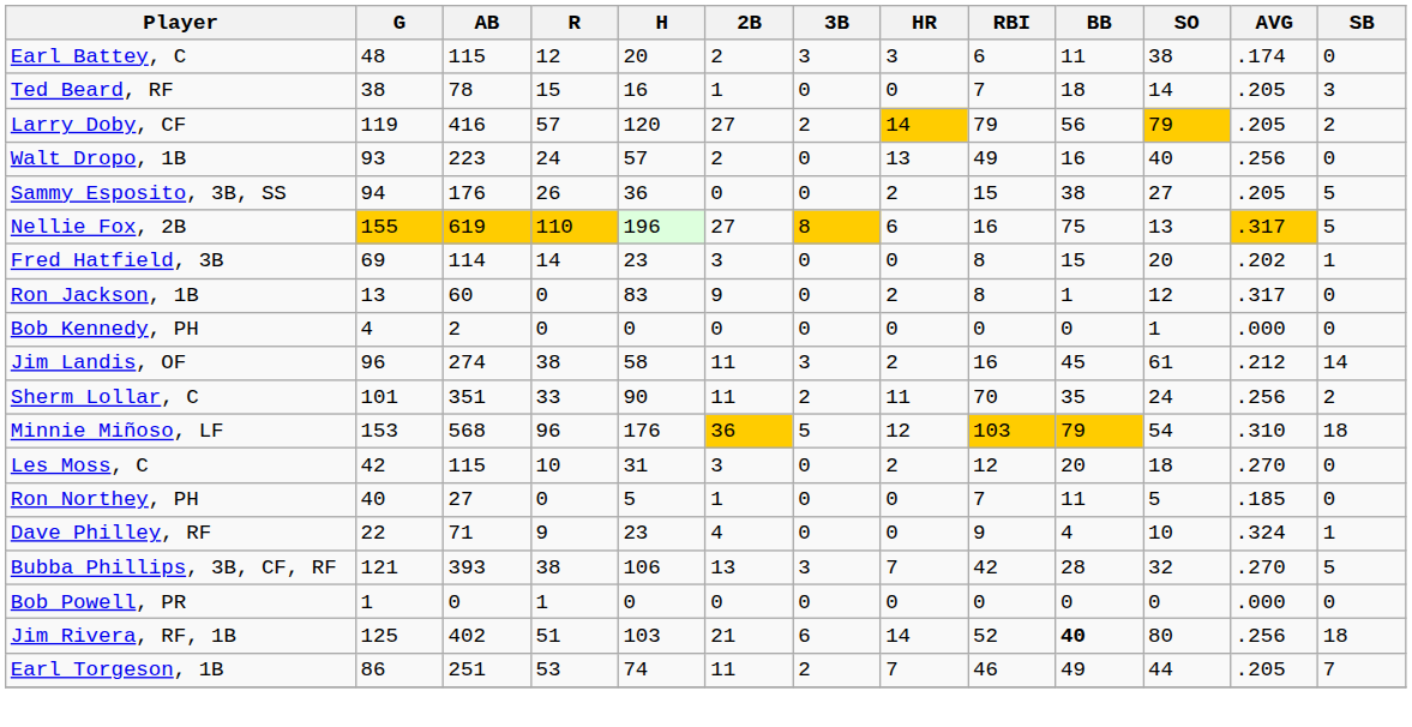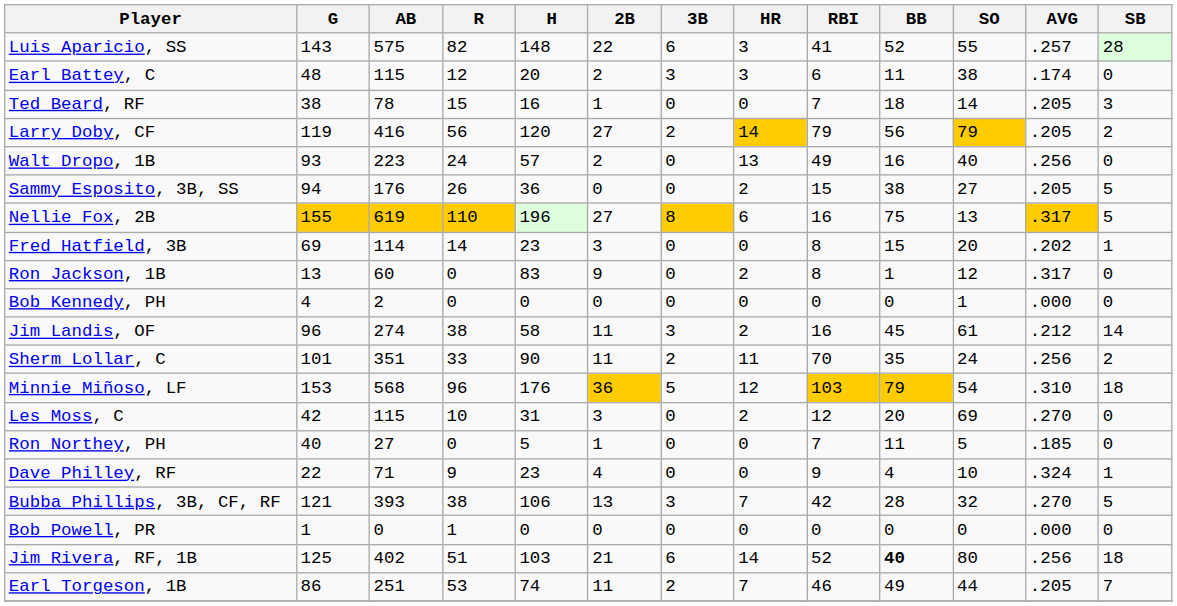 <table class="wikitable sortable">
 <tr>
 <th width="24%">Player</th>
 <th width="6%">G</th>
 <th width="6%">AB</th>
 <th width="6%">R</th>
 <th width="6%">H</th>
 <th width="6%">2B</th>
 <th width="6%">3B</th>
 <th width="6%">HR</th>
 <th width="6%">RBI</th>
 <th width="6%">BB</th>
 <th width="6%">SO</th>
 <th width="6%">AVG</th>
 <th width="6%">SB</th>
+</tr>
+<tr>
+<td><a href='#'>Luis Aparicio</a>, SS</td>
+<td>143</td>
+<td>575</td>
+<td>82</td>
+<td>148</td>
+<td>22</td>
+<td>6</td>
+<td>3</td>
+<td>41</td>
+<td>52</td>
+<td>55</td>
+<td>.257</td>
+<td style="background:#DDFFDD;">28</td>
 </tr>
 <tr>
 <td><a href='#'>Earl Battey</a>, C</td>
 <td>48</td>
 <td>115</td>
 <td>12</td>
 <td>20</td>
 <td>2</td>
 <td>3</td>
 <td>3</td>
 <td>6</td>
 <td>11</td>
 <td>38</td>
 <td>.174</td>
 <td>0</td>
 </tr>
 <tr>
 <td><a href='#'>Ted Beard</a>, RF</td>
 <td>38</td>
 <td>78</td>
 <td>15</td>
 <td>16</td>
 <td>1</td>
 <td>0</td>
 <td>0</td>
 <td>7</td>
 <td>18</td>
 <td>14</td>
 <td>.205</td>
 <td>3</td>
 </tr>
 <tr>
 <td><a href='#'>Larry Doby</a>, CF</td>
 <td>119</td>
 <td>416</td>
-<td>57</td>
+<td>56</td>
 <td>120</td>
 <td>27</td>
 <td>2</td>
 <td style="background:#fc0;">14</td>
 <td>79</td>
 <td>56</td>
 <td style="background:#fc0;">79</td>
 <td>.205</td>
 <td>2</td>
 </tr>
 <tr>
 <td><a href='#'>Walt Dropo</a>, 1B</td>
 <td>93</td>
 <td>223</td>
 <td>24</td>
 <td>57</td>
 <td>2</td>
 <td>0</td>
 <td>13</td>
 <td>49</td>
 <td>16</td>
 <td>40</td>
 <td>.256</td>
 <td>0</td>
 </tr>
 <tr>
 <td><a href='#'>Sammy Esposito</a>, 3B, SS</td>
 <td>94</td>
 <td>176</td>
 <td>26</td>
 <td>36</td>
 <td>0</td>
 <td>0</td>
 <td>2</td>
 <td>15</td>
 <td>38</td>
 <td>27</td>
 <td>.205</td>
 <td>5</td>
 </tr>
 <tr>
 <td><a href='#'>Nellie Fox</a>, 2B</td>
 <td style="background:#fc0;">155</td>
 <td style="background:#fc0;">619</td>
 <td style="background:#fc0;">110</td>
 <td style="background:#DDFFDD;">196</td>
 <td>27</td>
 <td style="background:#fc0;">8</td>
 <td>6</td>
 <td>16</td>
 <td>75</td>
 <td>13</td>
 <td style="background:#fc0;">.317</td>
 <td>5</td>
 </tr>
 <tr>
 <td><a href='#'>Fred Hatfield</a>, 3B</td>
 <td>69</td>
 <td>114</td>
 <td>14</td>
 <td>23</td>
 <td>3</td>
 <td>0</td>
 <td>0</td>
 <td>8</td>
 <td>15</td>
 <td>20</td>
 <td>.202</td>
 <td>1</td>
 </tr>
 <tr>
 <td><a href='#'>Ron Jackson</a>, 1B</td>
 <td>13</td>
 <td>60</td>
 <td>0</td>
 <td>83</td>
 <td>9</td>
 <td>0</td>
 <td>2</td>
 <td>8</td>
 <td>1</td>
 <td>12</td>
 <td>.317</td>
 <td>0</td>
 </tr>
 <tr>
 <td><a href='#'>Bob Kennedy</a>, PH</td>
 <td>4</td>
 <td>2</td>
 <td>0</td>
 <td>0</td>
 <td>0</td>
 <td>0</td>
 <td>0</td>
 <td>0</td>
 <td>0</td>
 <td>1</td>
 <td>.000</td>
 <td>0</td>
 </tr>
 <tr>
 <td><a href='#'>Jim Landis</a>, OF</td>
 <td>96</td>
 <td>274</td>
 <td>38</td>
 <td>58</td>
 <td>11</td>
 <td>3</td>
 <td>2</td>
 <td>16</td>
 <td>45</td>
 <td>61</td>
 <td>.212</td>
 <td>14</td>
 </tr>
 <tr>
 <td><a href='#'>Sherm Lollar</a>, C</td>
 <td>101</td>
 <td>351</td>
 <td>33</td>
 <td>90</td>
 <td>11</td>
 <td>2</td>
 <td>11</td>
 <td>70</td>
 <td>35</td>
 <td>24</td>
 <td>.256</td>
 <td>2</td>
 </tr>
 <tr>
 <td><a href='#'>Minnie Miñoso</a>, LF</td>
 <td>153</td>
 <td>568</td>
 <td>96</td>
 <td>176</td>
 <td style="background:#fc0;">36</td>
 <td>5</td>
 <td>12</td>
 <td style="background:#fc0;">103</td>
 <td style="background:#fc0;">79</td>
 <td>54</td>
 <td>.310</td>
 <td>18</td>
 </tr>
 <tr>
 <td><a href='#'>Les Moss</a>, C</td>
 <td>42</td>
 <td>115</td>
 <td>10</td>
 <td>31</td>
 <td>3</td>
 <td>0</td>
 <td>2</td>
 <td>12</td>
 <td>20</td>
-<td>18</td>
+<td>69</td>
 <td>.270</td>
 <td>0</td>
 </tr>
 <tr>
 <td><a href='#'>Ron Northey</a>, PH</td>
 <td>40</td>
 <td>27</td>
 <td>0</td>
 <td>5</td>
 <td>1</td>
 <td>0</td>
 <td>0</td>
 <td>7</td>
 <td>11</td>
 <td>5</td>
 <td>.185</td>
 <td>0</td>
 </tr>
 <tr>
 <td><a href='#'>Dave Philley</a>, RF</td>
 <td>22</td>
 <td>71</td>
 <td>9</td>
 <td>23</td>
 <td>4</td>
 <td>0</td>
 <td>0</td>
 <td>9</td>
 <td>4</td>
 <td>10</td>
 <td>.324</td>
 <td>1</td>
 </tr>
 <tr>
 <td><a href='#'>Bubba Phillips</a>, 3B, CF, RF</td>
 <td>121</td>
 <td>393</td>
 <td>38</td>
 <td>106</td>
 <td>13</td>
 <td>3</td>
 <td>7</td>
 <td>42</td>
 <td>28</td>
 <td>32</td>
 <td>.270</td>
 <td>5</td>
 </tr>
 <tr>
 <td><a href='#'>Bob Powell</a>, PR</td>
 <td>1</td>
 <td>0</td>
 <td>1</td>
 <td>0</td>
 <td>0</td>
 <td>0</td>
 <td>0</td>
 <td>0</td>
 <td>0</td>
 <td>0</td>
 <td>.000</td>
 <td>0</td>
 </tr>
 <tr>
 <td><a href='#'>Jim Rivera</a>, RF, 1B</td>
 <td>125</td>
 <td>402</td>
 <td>51</td>
 <td>103</td>
 <td>21</td>
 <td>6</td>
 <td>14</td>
 <td>52</td>
 <td><strong>40</strong></td>
 <td>80</td>
 <td>.256</td>
 <td>18</td>
 </tr>
 <tr>
 <td><a href='#'>Earl Torgeson</a>, 1B</td>
 <td>86</td>
 <td>251</td>
 <td>53</td>
 <td>74</td>
 <td>11</td>
 <td>2</td>
 <td>7</td>
 <td>46</td>
 <td>49</td>
 <td>44</td>
 <td>.205</td>
 <td>7</td>
 </tr>
 <tr>
 </tr>
 </table>
